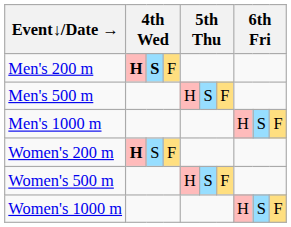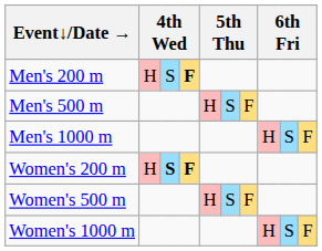 <table class="wikitable" style="margin:0.5em auto; font-size:90%; line-height:1.25em; text-align:center;">
 <tr>
 <th>Event↓/Date →</th>
 <th colspan=3>4th<br>Wed</th>
 <th colspan=3>5th<br>Thu</th>
 <th colspan=3>6th<br>Fri</th>
 </tr>
 <tr>
 <td style="text-align:left;"><a href='#'>Men's 200 m</a></td>
-<td style="background-color:#FFBBBB;"><strong>H</strong></td>
-<td style="background-color:#97DEFF;"><strong>S</strong></td>
-<td style="background-color:#FFDF80;">F</td>
+<td style="background-color:#FFBBBB;">H</td>
+<td style="background-color:#97DEFF;">S</td>
+<td style="background-color:#FFDF80;"><strong>F</strong></td>
 <td colspan=3></td>
 <td colspan=3></td>
 </tr>
 <tr>
 <td style="text-align:left;"><a href='#'>Men's 500 m</a></td>
 <td colspan=3></td>
 <td style="background-color:#FFBBBB;">H</td>
 <td style="background-color:#97DEFF;">S</td>
 <td style="background-color:#FFDF80;">F</td>
 <td colspan=3></td>
 </tr>
 <tr>
 <td style="text-align:left;"><a href='#'>Men's 1000 m</a></td>
 <td colspan=3></td>
 <td colspan=3></td>
 <td style="background-color:#FFBBBB;">H</td>
 <td style="background-color:#97DEFF;">S</td>
 <td style="background-color:#FFDF80;">F</td>
 </tr>
 <tr>
 <td style="text-align:left;"><a href='#'>Women's 200 m</a></td>
-<td style="background-color:#FFBBBB;"><strong>H</strong></td>
-<td style="background-color:#97DEFF;">S</td>
-<td style="background-color:#FFDF80;">F</td>
+<td style="background-color:#FFBBBB;">H</td>
+<td style="background-color:#97DEFF;"><strong>S</strong></td>
+<td style="background-color:#FFDF80;"><strong>F</strong></td>
 <td colspan=3></td>
 <td colspan=3></td>
 </tr>
 <tr>
 <td style="text-align:left;"><a href='#'>Women's 500 m</a></td>
 <td colspan=3></td>
 <td style="background-color:#FFBBBB;">H</td>
 <td style="background-color:#97DEFF;">S</td>
 <td style="background-color:#FFDF80;">F</td>
 <td colspan=3></td>
 </tr>
 <tr>
 <td style="text-align:left;"><a href='#'>Women's 1000 m</a></td>
 <td colspan=3></td>
 <td colspan=3></td>
 <td style="background-color:#FFBBBB;">H</td>
 <td style="background-color:#97DEFF;">S</td>
 <td style="background-color:#FFDF80;">F</td>
 </tr>
 </table>
